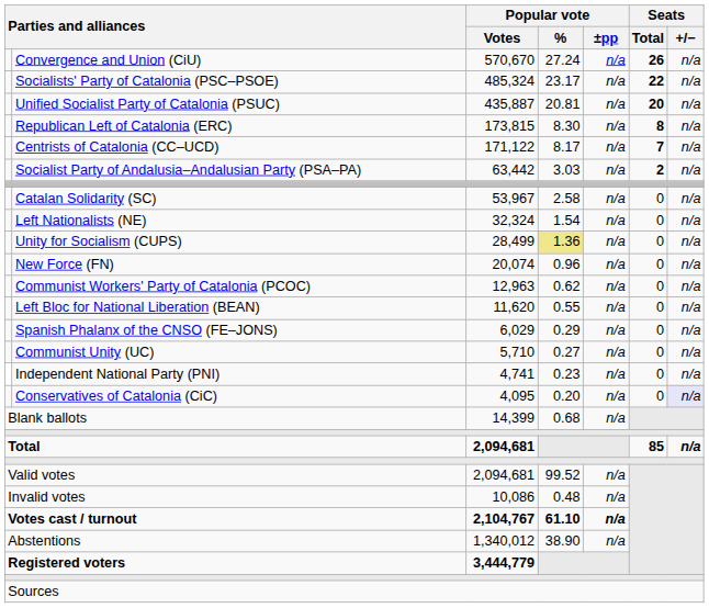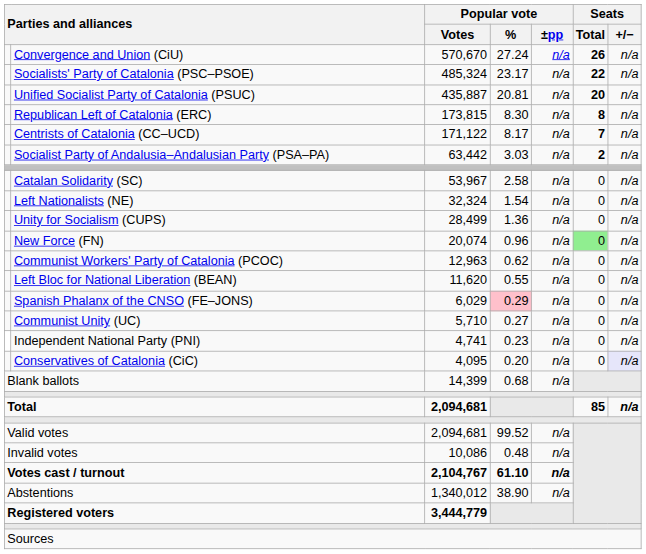 <table class="wikitable" style="text-align:right;">
 <tr>
 <th style="text-align:left;" rowspan="2" colspan="2" width="525">Parties and alliances</th>
 <th colspan="3">Popular vote</th>
 <th colspan="2">Seats</th>
 </tr>
 <tr>
 <th width="75">Votes</th>
 <th width="45">%</th>
 <th width="45">±<a href='#'>pp</a></th>
 <th width="35">Total</th>
 <th width="35">+/−</th>
 </tr>
 <tr>
 <td width="1" style="color:inherit;background:"></td>
 <td align="left"><a href='#'>Convergence and Union</a> (CiU)</td>
 <td>570,670</td>
 <td>27.24</td>
 <td><em><a href='#'>n/a</a></em></td>
 <td><strong>26</strong></td>
 <td><em>n/a</em></td>
 </tr>
 <tr>
 <td style="color:inherit;background:"></td>
 <td align="left"><a href='#'>Socialists' Party of Catalonia</a> (PSC–PSOE)</td>
 <td>485,324</td>
 <td>23.17</td>
 <td><em>n/a</em></td>
 <td><strong>22</strong></td>
 <td><em>n/a</em></td>
 </tr>
 <tr>
 <td style="color:inherit;background:"></td>
 <td align="left"><a href='#'>Unified Socialist Party of Catalonia</a> (PSUC)</td>
 <td>435,887</td>
 <td>20.81</td>
 <td><em>n/a</em></td>
 <td><strong>20</strong></td>
 <td><em>n/a</em></td>
 </tr>
 <tr>
 <td style="color:inherit;background:"></td>
 <td align="left"><a href='#'>Republican Left of Catalonia</a> (ERC)</td>
 <td>173,815</td>
 <td>8.30</td>
 <td><em>n/a</em></td>
 <td><strong>8</strong></td>
 <td><em>n/a</em></td>
 </tr>
 <tr>
 <td style="color:inherit;background:"></td>
 <td align="left"><a href='#'>Centrists of Catalonia</a> (CC–UCD)</td>
 <td>171,122</td>
 <td>8.17</td>
 <td><em>n/a</em></td>
 <td><strong>7</strong></td>
 <td><em>n/a</em></td>
 </tr>
 <tr>
 <td style="color:inherit;background:"></td>
 <td align="left"><a href='#'>Socialist Party of Andalusia–Andalusian Party</a> (PSA–PA)</td>
 <td>63,442</td>
 <td>3.03</td>
 <td><em>n/a</em></td>
 <td><strong>2</strong></td>
 <td><em>n/a</em></td>
 </tr>
 <tr>
 <td colspan="7" bgcolor="#C0C0C0"></td>
 </tr>
 <tr>
 <td style="color:inherit;background:"></td>
 <td align="left"><a href='#'>Catalan Solidarity</a> (SC)</td>
 <td>53,967</td>
 <td>2.58</td>
 <td><em>n/a</em></td>
 <td>0</td>
 <td><em>n/a</em></td>
 </tr>
 <tr>
 <td style="color:inherit;background:"></td>
 <td align="left"><a href='#'>Left Nationalists</a> (NE)</td>
 <td>32,324</td>
 <td>1.54</td>
 <td><em>n/a</em></td>
 <td>0</td>
 <td><em>n/a</em></td>
 </tr>
 <tr>
 <td style="color:inherit;background:"></td>
 <td align="left"><a href='#'>Unity for Socialism</a> (CUPS)</td>
 <td>28,499</td>
-<td style="background: khaki;">1.36</td>
+<td>1.36</td>
 <td><em>n/a</em></td>
 <td>0</td>
 <td><em>n/a</em></td>
 </tr>
 <tr>
 <td style="color:inherit;background:"></td>
 <td align="left"><a href='#'>New Force</a> (FN)</td>
 <td>20,074</td>
 <td>0.96</td>
 <td><em>n/a</em></td>
-<td>0</td>
+<td style="background: lightgreen;">0</td>
 <td><em>n/a</em></td>
 </tr>
 <tr>
 <td style="color:inherit;background:"></td>
 <td align="left"><a href='#'>Communist Workers' Party of Catalonia</a> (PCOC)</td>
 <td>12,963</td>
 <td>0.62</td>
 <td><em>n/a</em></td>
 <td>0</td>
 <td><em>n/a</em></td>
 </tr>
 <tr>
 <td style="color:inherit;background:"></td>
 <td align="left"><a href='#'>Left Bloc for National Liberation</a> (BEAN)</td>
 <td>11,620</td>
 <td>0.55</td>
 <td><em>n/a</em></td>
 <td>0</td>
 <td><em>n/a</em></td>
 </tr>
 <tr>
 <td style="color:inherit;background:"></td>
 <td align="left"><a href='#'>Spanish Phalanx of the CNSO</a> (FE–JONS)</td>
 <td>6,029</td>
-<td>0.29</td>
+<td style="background: pink;">0.29</td>
 <td><em>n/a</em></td>
 <td>0</td>
 <td><em>n/a</em></td>
 </tr>
 <tr>
 <td style="color:inherit;background:"></td>
 <td align="left"><a href='#'>Communist Unity</a> (UC)</td>
 <td>5,710</td>
 <td>0.27</td>
 <td><em>n/a</em></td>
 <td>0</td>
 <td><em>n/a</em></td>
 </tr>
 <tr>
 <td bgcolor="white"></td>
 <td align="left">Independent National Party (PNI)</td>
 <td>4,741</td>
 <td>0.23</td>
 <td><em>n/a</em></td>
 <td>0</td>
 <td><em>n/a</em></td>
 </tr>
 <tr>
 <td style="color:inherit;background:"></td>
 <td align="left"><a href='#'>Conservatives of Catalonia</a> (CiC)</td>
 <td>4,095</td>
 <td>0.20</td>
 <td><em>n/a</em></td>
 <td>0</td>
 <td style="background: lavender;"><em>n/a</em></td>
 </tr>
 <tr>
 <td align="left" colspan="2">Blank ballots</td>
 <td>14,399</td>
 <td>0.68</td>
 <td><em>n/a</em></td>
 <td bgcolor="#E9E9E9" colspan="2"></td>
 </tr>
 <tr>
 <td colspan="7" bgcolor="#E9E9E9"></td>
 </tr>
 <tr style="font-weight:bold;">
 <td align="left" colspan="2">Total</td>
 <td>2,094,681</td>
 <td bgcolor="#E9E9E9" colspan="2"></td>
 <td>85</td>
 <td><em>n/a</em></td>
 </tr>
 <tr>
 <td colspan="7" bgcolor="#E9E9E9"></td>
 </tr>
 <tr>
 <td align="left" colspan="2">Valid votes</td>
 <td>2,094,681</td>
 <td>99.52</td>
 <td><em>n/a</em></td>
 <td bgcolor="#E9E9E9" colspan="2" rowspan="5"></td>
 </tr>
 <tr>
 <td align="left" colspan="2">Invalid votes</td>
 <td>10,086</td>
 <td>0.48</td>
 <td><em>n/a</em></td>
 </tr>
 <tr style="font-weight:bold;">
 <td align="left" colspan="2">Votes cast / turnout</td>
 <td>2,104,767</td>
 <td>61.10</td>
 <td><em>n/a</em></td>
 </tr>
 <tr>
 <td align="left" colspan="2">Abstentions</td>
 <td>1,340,012</td>
 <td>38.90</td>
 <td><em>n/a</em></td>
 </tr>
 <tr style="font-weight:bold;">
 <td align="left" colspan="2">Registered voters</td>
 <td>3,444,779</td>
 <td bgcolor="#E9E9E9" colspan="2"></td>
 </tr>
 <tr>
 <td colspan="7" bgcolor="#E9E9E9"></td>
 </tr>
 <tr>
 <td align="left" colspan="7">Sources</td>
 </tr>
 </table>
